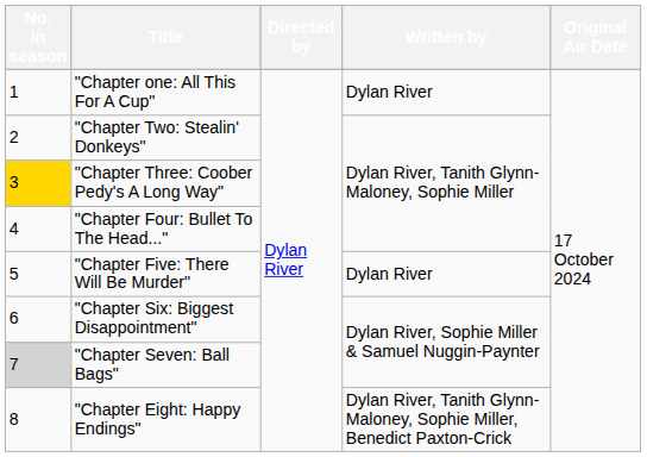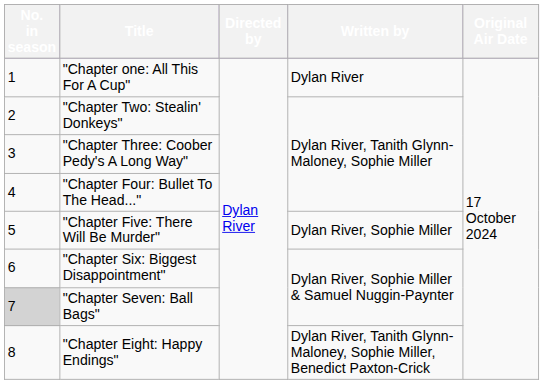 <table class="wikitable" style="font-family:inherit;">
 <tr style="background-color:#643190; color:#ffffff;">
 <th>No.<br> in<br>season</th>
 <th>Title</th>
 <th>Directed by</th>
 <th>Written by</th>
 <th>Original Air Date</th>
 </tr>
 <tr>
 <td>1</td>
 <td>"Chapter one: All This For A Cup"<br></td>
 <td rowspan=8><a href='#'>Dylan River</a></td>
 <td>Dylan River</td>
 <td rowspan=8>17 October 2024<br></td>
 </tr>
 <tr>
 <td>2</td>
 <td>"Chapter Two: Stealin' Donkeys"</td>
 <td rowspan=3>Dylan River,  Tanith Glynn-Maloney, Sophie Miller</td>
 </tr>
 <tr>
-<td style="background: gold;">3</td>
+<td>3</td>
 <td>"Chapter Three: Coober Pedy's A Long Way"</td>
 </tr>
 <tr>
 <td>4</td>
 <td>"Chapter Four: Bullet To The Head..."<br></td>
 </tr>
 <tr>
 <td>5</td>
 <td>"Chapter Five: There Will Be Murder"</td>
-<td>Dylan River</td>
+<td>Dylan River, Sophie Miller</td>
 </tr>
 <tr>
 <td>6</td>
 <td>"Chapter Six: Biggest Disappointment"</td>
 <td rowspan=2>Dylan River, Sophie Miller & Samuel Nuggin-Paynter</td>
 </tr>
 <tr>
 <td style="background: lightgrey;">7</td>
 <td>"Chapter Seven: Ball Bags"</td>
 </tr>
 <tr>
 <td>8</td>
 <td>"Chapter Eight: Happy Endings"</td>
 <td>Dylan River,  Tanith Glynn-Maloney, Sophie Miller, Benedict Paxton-Crick</td>
 </tr>
 </table>
